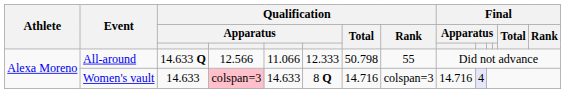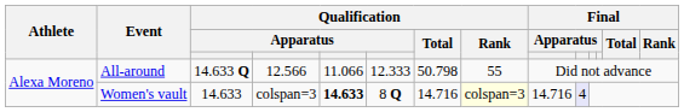 <table class="wikitable" style="font-size:90%">
 <tr>
 <th rowspan=3>Athlete</th>
 <th rowspan=3>Event</th>
 <th colspan=6>Qualification</th>
 <th colspan=6>Final</th>
 </tr>
 <tr style="font-size:95%">
 <th colspan=4>Apparatus</th>
 <th rowspan=2>Total</th>
 <th rowspan=2>Rank</th>
 <th colspan=4>Apparatus</th>
 <th rowspan=2>Total</th>
 <th rowspan=2>Rank</th>
 </tr>
 <tr style="font-size:95%">
 <th></th>
 <th></th>
 <th></th>
 <th></th>
 <th></th>
 <th></th>
 <th></th>
 <th></th>
 </tr>
 <tr align=center>
 <td align=left rowspan=2><a href='#'>Alexa Moreno</a></td>
 <td align=left><a href='#'>All-around</a></td>
 <td>14.633 <strong>Q</strong></td>
 <td>12.566</td>
 <td>11.066</td>
 <td>12.333</td>
 <td>50.798</td>
 <td>55</td>
 <td colspan=6>Did not advance</td>
 </tr>
 <tr align=center>
 <td align=left><a href='#'>Women's vault</a></td>
 <td>14.633</td>
-<td style="background: pink;">colspan=3 </td>
-<td>14.633</td>
+<td>colspan=3 </td>
+<td><strong>14.633</strong></td>
 <td>8 <strong>Q</strong></td>
 <td>14.716</td>
-<td>colspan=3 </td>
+<td style="background: lightyellow;">colspan=3 </td>
 <td>14.716</td>
 <td style="background: lavender;">4</td>
 </tr>
 </table>
